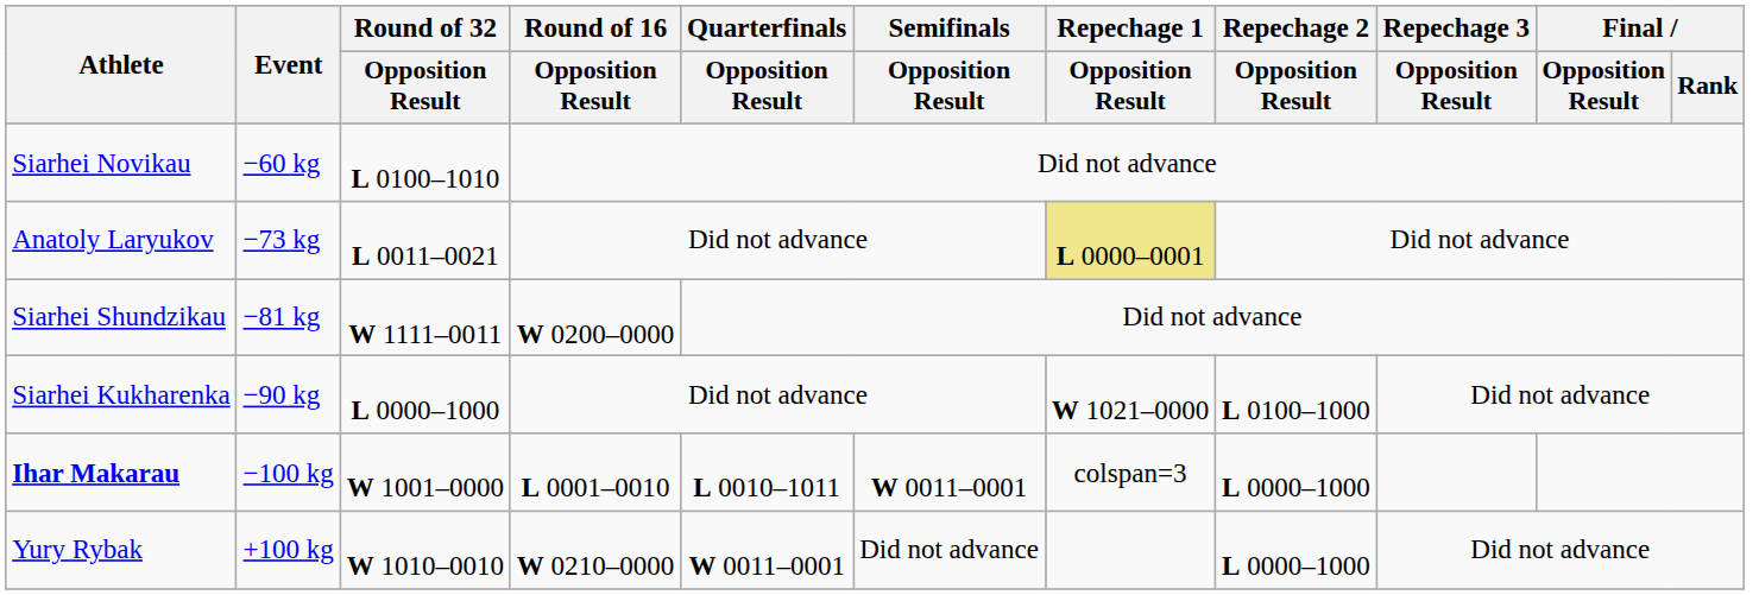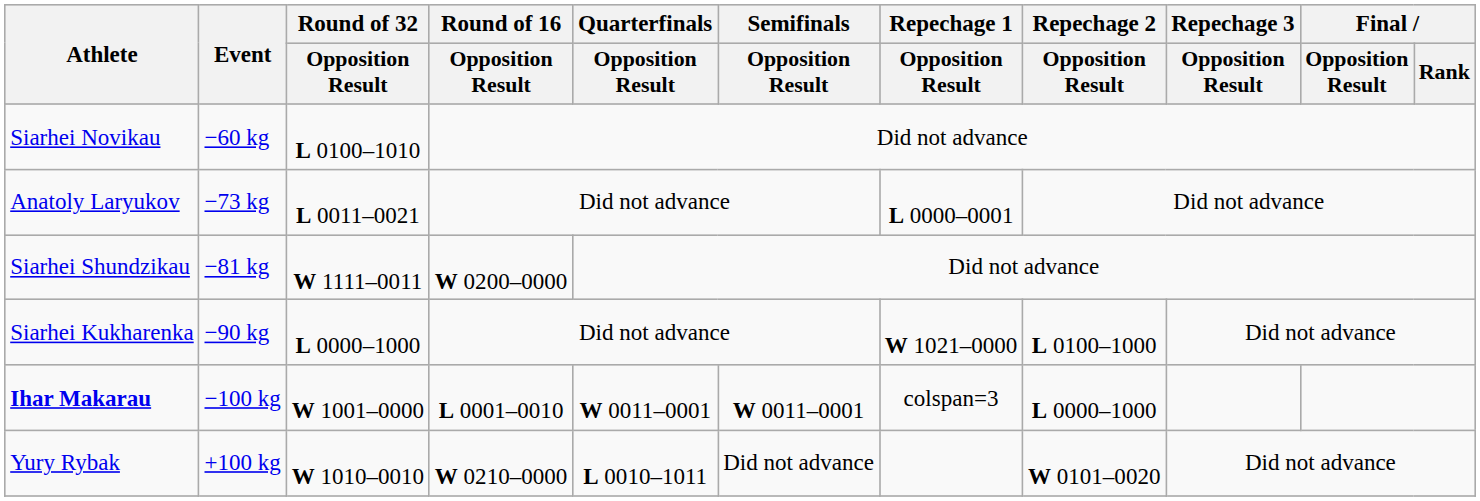 <table class="wikitable" style="font-size:90%">
 <tr>
 <th rowspan="2">Athlete</th>
 <th rowspan="2">Event</th>
 <th>Round of 32</th>
 <th>Round of 16</th>
 <th>Quarterfinals</th>
 <th>Semifinals</th>
 <th>Repechage 1</th>
 <th>Repechage 2</th>
 <th>Repechage 3</th>
 <th colspan=2>Final / </th>
 </tr>
 <tr style="font-size:95%">
 <th>Opposition<br>Result</th>
 <th>Opposition<br>Result</th>
 <th>Opposition<br>Result</th>
 <th>Opposition<br>Result</th>
 <th>Opposition<br>Result</th>
 <th>Opposition<br>Result</th>
 <th>Opposition<br>Result</th>
 <th>Opposition<br>Result</th>
 <th>Rank</th>
 </tr>
 <tr align=center>
 <td align=left><a href='#'>Siarhei Novikau</a></td>
 <td align=left><a href='#'>−60 kg</a></td>
 <td><br><strong>L</strong> 0100–1010</td>
 <td colspan=8>Did not advance</td>
 </tr>
 <tr align=center>
 <td align=left><a href='#'>Anatoly Laryukov</a></td>
 <td align=left><a href='#'>−73 kg</a></td>
 <td><br><strong>L</strong> 0011–0021</td>
 <td colspan=3>Did not advance</td>
-<td style="background: khaki;"><br><strong>L</strong> 0000–0001</td>
+<td><br><strong>L</strong> 0000–0001</td>
 <td colspan=4>Did not advance</td>
 </tr>
 <tr align=center>
 <td align=left><a href='#'>Siarhei Shundzikau</a></td>
 <td align=left><a href='#'>−81 kg</a></td>
 <td><br><strong>W</strong> 1111–0011</td>
 <td><br><strong>W</strong> 0200–0000</td>
 <td colspan=7>Did not advance</td>
 </tr>
 <tr align=center>
 <td align=left><a href='#'>Siarhei Kukharenka</a></td>
 <td align=left><a href='#'>−90 kg</a></td>
 <td><br><strong>L</strong> 0000–1000</td>
 <td colspan=3>Did not advance</td>
 <td><br><strong>W</strong> 1021–0000</td>
 <td><br><strong>L</strong> 0100–1000</td>
 <td colspan=3>Did not advance</td>
 </tr>
 <tr align=center>
 <td align=left><strong><a href='#'>Ihar Makarau</a></strong></td>
 <td align=left><a href='#'>−100 kg</a></td>
 <td><br><strong>W</strong> 1001–0000</td>
 <td><br><strong>L</strong> 0001–0010</td>
-<td><br><strong>L</strong> 0010–1011</td>
+<td><br><strong>W</strong> 0011–0001</td>
 <td><br><strong>W</strong> 0011–0001</td>
 <td>colspan=3 </td>
 <td><br><strong>L</strong> 0000–1000</td>
 <td></td>
 </tr>
 <tr align=center>
 <td align=left><a href='#'>Yury Rybak</a></td>
 <td align=left><a href='#'>+100 kg</a></td>
 <td><br><strong>W</strong> 1010–0010</td>
 <td><br><strong>W</strong> 0210–0000</td>
-<td><br><strong>W</strong> 0011–0001</td>
+<td><br><strong>L</strong> 0010–1011</td>
 <td>Did not advance</td>
 <td></td>
-<td><br><strong>L</strong> 0000–1000</td>
+<td><br><strong>W</strong> 0101–0020</td>
 <td colspan=3>Did not advance</td>
 </tr>
 </table>
